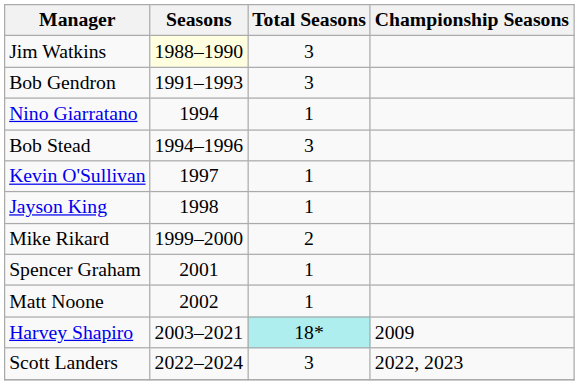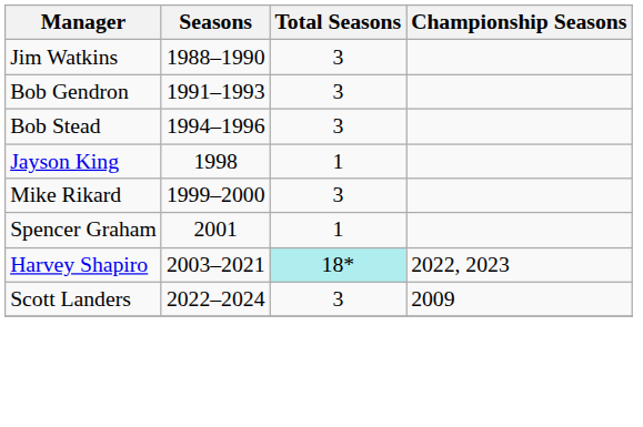 <table class="wikitable" style="text-align:center">
 <tr>
 <th>Manager</th>
 <th>Seasons</th>
 <th>Total Seasons</th>
 <th>Championship Seasons</th>
 </tr>
 <tr>
 <td style="text-align:left">Jim Watkins</td>
-<td style="background: lightyellow;">1988–1990</td>
+<td>1988–1990</td>
 <td>3</td>
 <td style="text-align:left"></td>
 </tr>
 <tr>
 <td style="text-align:left">Bob Gendron</td>
 <td>1991–1993</td>
 <td>3</td>
 <td style="text-align:left"></td>
 </tr>
 <tr>
-<td style="text-align:left"><a href='#'>Nino Giarratano</a></td>
-<td>1994</td>
-<td>1</td>
-<td style="text-align:left"></td>
-</tr>
-<tr>
 <td style="text-align:left">Bob Stead</td>
 <td>1994–1996</td>
 <td>3</td>
-<td style="text-align:left"></td>
-</tr>
-<tr>
-<td style="text-align:left"><a href='#'>Kevin O'Sullivan</a></td>
-<td>1997</td>
-<td>1</td>
 <td style="text-align:left"></td>
 </tr>
 <tr>
 <td style="text-align:left"><a href='#'>Jayson King</a></td>
 <td>1998</td>
 <td>1</td>
 <td style="text-align:left"></td>
 </tr>
 <tr>
 <td style="text-align:left">Mike Rikard</td>
 <td>1999–2000</td>
-<td>2</td>
+<td>3</td>
 <td style="text-align:left"></td>
 </tr>
 <tr>
 <td style="text-align:left">Spencer Graham</td>
 <td>2001</td>
 <td>1</td>
 <td style="text-align:left"></td>
 </tr>
 <tr>
-<td style="text-align:left">Matt Noone</td>
-<td>2002</td>
-<td>1</td>
-<td style="text-align:left"></td>
-</tr>
-<tr>
 <td style="text-align:left"><a href='#'>Harvey Shapiro</a></td>
 <td>2003–2021</td>
 <td style="background: paleturquoise;">18*</td>
-<td style="text-align:left">2009</td>
+<td style="text-align:left">2022, 2023</td>
 </tr>
 <tr>
 <td style="text-align:left">Scott Landers</td>
 <td>2022–2024</td>
 <td>3</td>
-<td style="text-align:left">2022, 2023</td>
+<td style="text-align:left">2009</td>
 </tr>
 <tr>
 </tr>
 </table>
